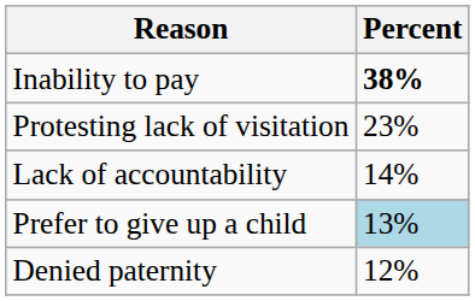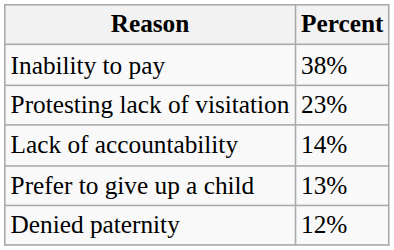 <table class="wikitable">
 <tr>
 <th>Reason</th>
 <th>Percent</th>
 </tr>
 <tr>
 <td>Inability to pay</td>
-<td><strong>38%</strong></td>
+<td>38%</td>
 </tr>
 <tr>
 <td>Protesting lack of visitation</td>
 <td>23%</td>
 </tr>
 <tr>
 <td>Lack of accountability</td>
 <td>14%</td>
 </tr>
 <tr>
 <td>Prefer to give up a child</td>
-<td style="background: lightblue;">13%</td>
+<td>13%</td>
 </tr>
 <tr>
 <td>Denied paternity</td>
 <td>12%</td>
 </tr>
 </table>
